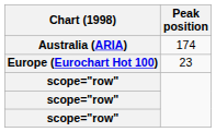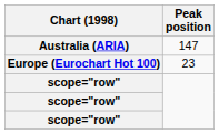 <table class="wikitable sortable plainrowheaders" style="text-align:center">
 <tr>
 <th scope="col">Chart (1998)</th>
 <th scope="col">Peak<br>position</th>
 </tr>
 <tr>
 <th scope="row">Australia (<a href='#'>ARIA</a>)</th>
-<td>174</td>
+<td>147</td>
 </tr>
 <tr>
 <th scope="row">Europe (<a href='#'>Eurochart Hot 100</a>)</th>
 <td>23</td>
 </tr>
 <tr>
 <th>scope="row"</th>
 </tr>
 <tr>
 <th>scope="row"</th>
 </tr>
 <tr>
 <th>scope="row"</th>
 </tr>
 </table>
